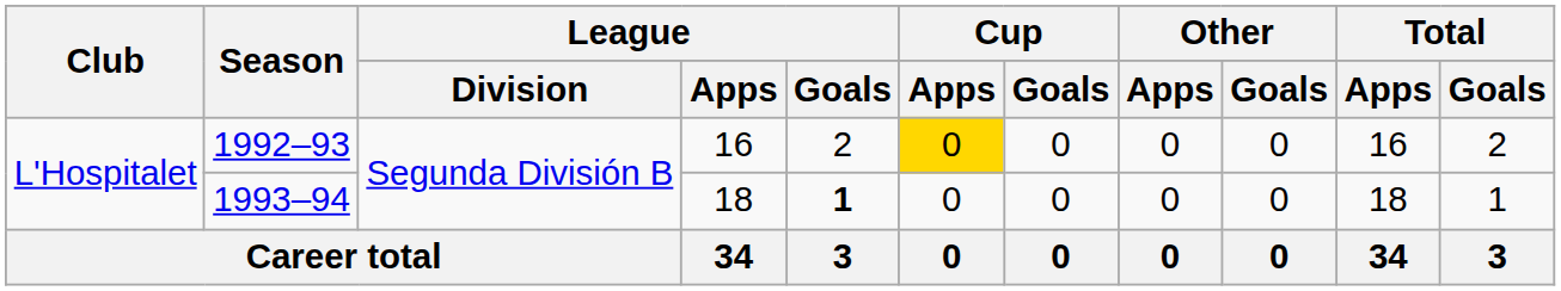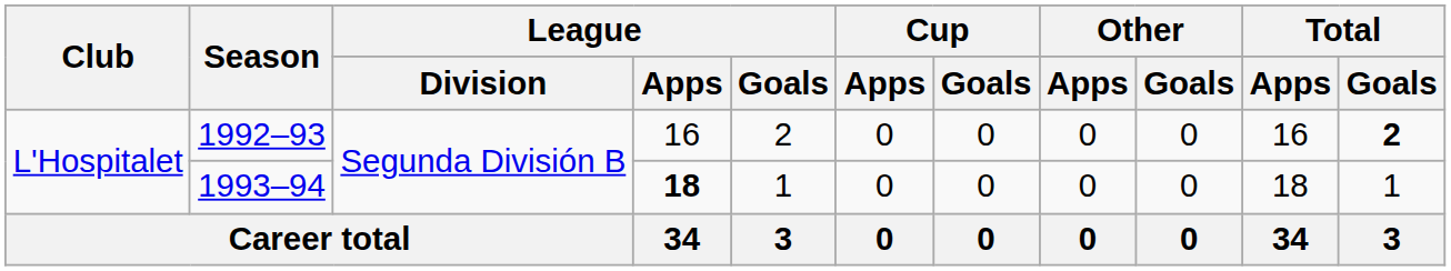 <table class="wikitable" style="text-align: center">
 <tr>
 <th rowspan="2">Club</th>
 <th rowspan="2">Season</th>
 <th colspan="3">League</th>
 <th colspan="2">Cup</th>
 <th colspan="2">Other</th>
 <th colspan="2">Total</th>
 </tr>
 <tr>
 <th>Division</th>
 <th>Apps</th>
 <th>Goals</th>
 <th>Apps</th>
 <th>Goals</th>
 <th>Apps</th>
 <th>Goals</th>
 <th>Apps</th>
 <th>Goals</th>
 </tr>
 <tr>
 <td rowspan="2"><a href='#'>L'Hospitalet</a></td>
 <td><a href='#'>1992–93</a></td>
 <td rowspan="2"><a href='#'>Segunda División B</a></td>
 <td>16</td>
 <td>2</td>
-<td style="background: gold;">0</td>
+<td>0</td>
 <td>0</td>
 <td>0</td>
 <td>0</td>
 <td>16</td>
-<td>2</td>
+<td><strong>2</strong></td>
 </tr>
 <tr>
 <td><a href='#'>1993–94</a></td>
-<td>18</td>
-<td><strong>1</strong></td>
+<td><strong>18</strong></td>
+<td>1</td>
 <td>0</td>
 <td>0</td>
 <td>0</td>
 <td>0</td>
 <td>18</td>
 <td>1</td>
 </tr>
 <tr>
 <th colspan="3">Career total</th>
 <th>34</th>
 <th>3</th>
 <th>0</th>
 <th>0</th>
 <th>0</th>
 <th>0</th>
 <th>34</th>
 <th>3</th>
 </tr>
 </table>
